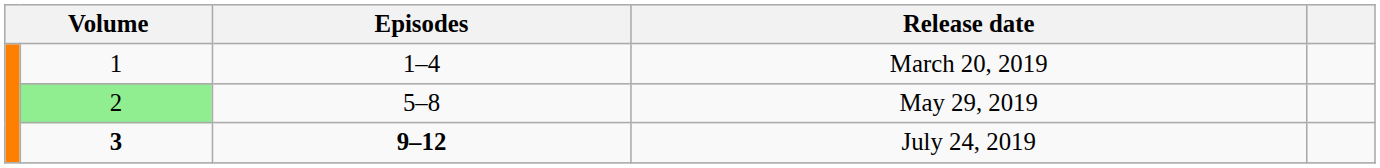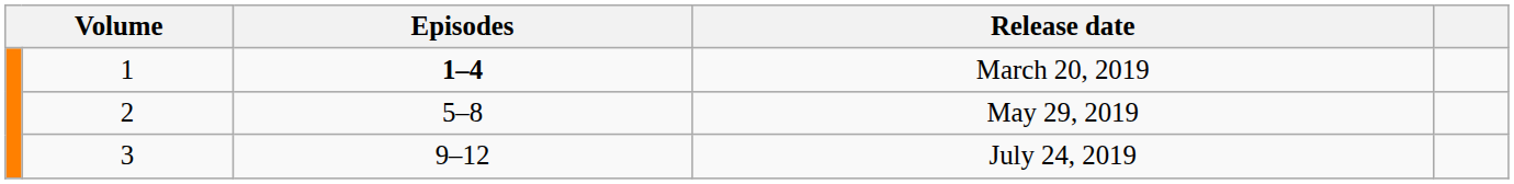 <table class="wikitable" style="text-align: center; width: 70%;">
 <tr>
 <th colspan="2" width="15%">Volume</th>
 <th>Episodes</th>
 <th>Release date</th>
 <th width="5%"></th>
 </tr>
 <tr>
 <td rowspan="3" width="1%" style="background: #FF8000"></td>
 <td>1</td>
-<td>1–4</td>
+<td><strong>1–4</strong></td>
 <td>March 20, 2019</td>
 <td></td>
 </tr>
 <tr>
-<td style="background: lightgreen;">2</td>
+<td>2</td>
 <td>5–8</td>
 <td>May 29, 2019</td>
 <td></td>
 </tr>
 <tr>
-<td><strong>3</strong></td>
-<td><strong>9–12</strong></td>
+<td>3</td>
+<td>9–12</td>
 <td>July 24, 2019</td>
 <td></td>
 </tr>
 </table>
